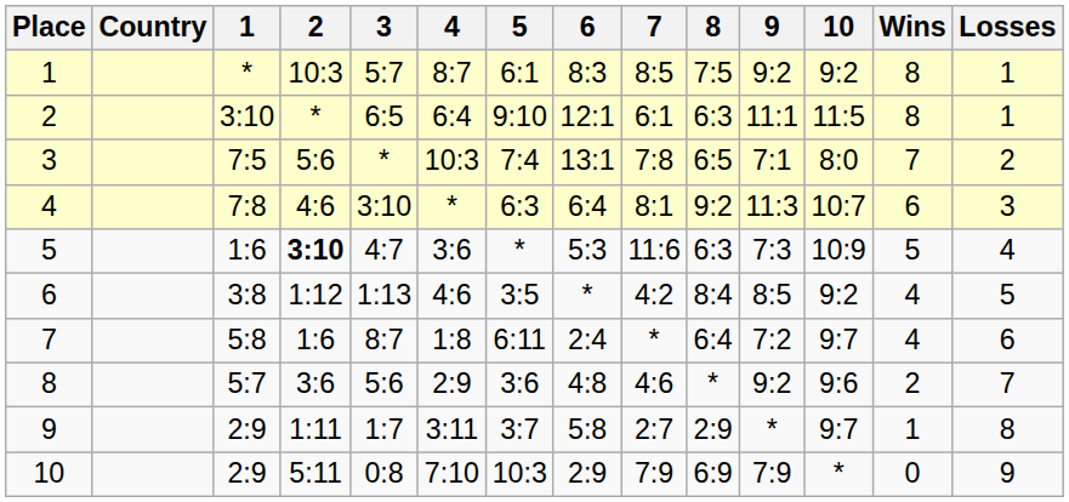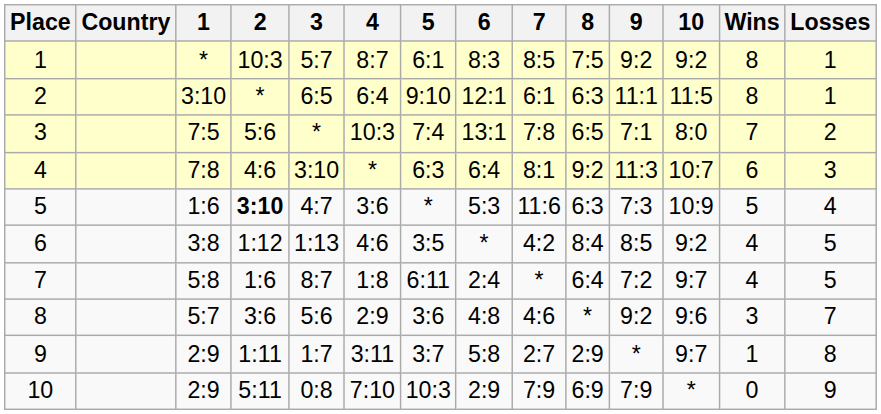 <table class=wikitable style="text-align: center;">
 <tr>
 <th>Place</th>
 <th>Country</th>
 <th width=20>1</th>
 <th width=20>2</th>
 <th width=20>3</th>
 <th width=20>4</th>
 <th width=20>5</th>
 <th width=20>6</th>
 <th width=20>7</th>
 <th width=20>8</th>
 <th width=20>9</th>
 <th width=20>10</th>
 <th width=20>Wins</th>
 <th width=20>Losses</th>
 </tr>
 <tr bgcolor=#ffc>
 <td>1</td>
 <td align="left"></td>
 <td>*</td>
 <td>10:3</td>
 <td>5:7</td>
 <td>8:7</td>
 <td>6:1</td>
 <td>8:3</td>
 <td>8:5</td>
 <td>7:5</td>
 <td>9:2</td>
 <td>9:2</td>
 <td>8</td>
 <td>1</td>
 </tr>
 <tr bgcolor=#ffc>
 <td>2</td>
 <td align="left"></td>
 <td>3:10</td>
 <td>*</td>
 <td>6:5</td>
 <td>6:4</td>
 <td>9:10</td>
 <td>12:1</td>
 <td>6:1</td>
 <td>6:3</td>
 <td>11:1</td>
 <td>11:5</td>
 <td>8</td>
 <td>1</td>
 </tr>
 <tr bgcolor=#ffc>
 <td>3</td>
 <td align="left"></td>
 <td>7:5</td>
 <td>5:6</td>
 <td>*</td>
 <td>10:3</td>
 <td>7:4</td>
 <td>13:1</td>
 <td>7:8</td>
 <td>6:5</td>
 <td>7:1</td>
 <td>8:0</td>
 <td>7</td>
 <td>2</td>
 </tr>
 <tr bgcolor=#ffc>
 <td>4</td>
 <td align="left"></td>
 <td>7:8</td>
 <td>4:6</td>
 <td>3:10</td>
 <td>*</td>
 <td>6:3</td>
 <td>6:4</td>
 <td>8:1</td>
 <td>9:2</td>
 <td>11:3</td>
 <td>10:7</td>
 <td>6</td>
 <td>3</td>
 </tr>
 <tr>
 <td>5</td>
 <td align="left"></td>
 <td>1:6</td>
 <td><strong>3:10</strong></td>
 <td>4:7</td>
 <td>3:6</td>
 <td>*</td>
 <td>5:3</td>
 <td>11:6</td>
 <td>6:3</td>
 <td>7:3</td>
 <td>10:9</td>
 <td>5</td>
 <td>4</td>
 </tr>
 <tr>
 <td>6</td>
 <td align="left"></td>
 <td>3:8</td>
 <td>1:12</td>
 <td>1:13</td>
 <td>4:6</td>
 <td>3:5</td>
 <td>*</td>
 <td>4:2</td>
 <td>8:4</td>
 <td>8:5</td>
 <td>9:2</td>
 <td>4</td>
 <td>5</td>
 </tr>
 <tr>
 <td>7</td>
 <td align="left"></td>
 <td>5:8</td>
 <td>1:6</td>
 <td>8:7</td>
 <td>1:8</td>
 <td>6:11</td>
 <td>2:4</td>
 <td>*</td>
 <td>6:4</td>
 <td>7:2</td>
 <td>9:7</td>
 <td>4</td>
-<td>6</td>
+<td>5</td>
 </tr>
 <tr>
 <td>8</td>
 <td align="left"></td>
 <td>5:7</td>
 <td>3:6</td>
 <td>5:6</td>
 <td>2:9</td>
 <td>3:6</td>
 <td>4:8</td>
 <td>4:6</td>
 <td>*</td>
 <td>9:2</td>
 <td>9:6</td>
-<td>2</td>
+<td>3</td>
 <td>7</td>
 </tr>
 <tr>
 <td>9</td>
 <td align="left"></td>
 <td>2:9</td>
 <td>1:11</td>
 <td>1:7</td>
 <td>3:11</td>
 <td>3:7</td>
 <td>5:8</td>
 <td>2:7</td>
 <td>2:9</td>
 <td>*</td>
 <td>9:7</td>
 <td>1</td>
 <td>8</td>
 </tr>
 <tr>
 <td>10</td>
 <td align="left"></td>
 <td>2:9</td>
 <td>5:11</td>
 <td>0:8</td>
 <td>7:10</td>
 <td>10:3</td>
 <td>2:9</td>
 <td>7:9</td>
 <td>6:9</td>
 <td>7:9</td>
 <td>*</td>
 <td>0</td>
 <td>9</td>
 </tr>
 </table>
